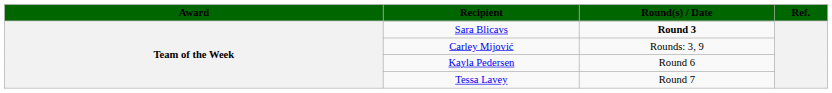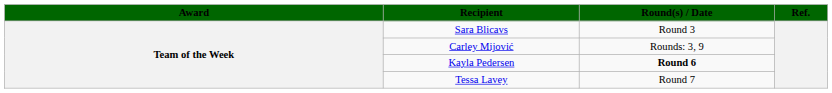 <table class="wikitable sortable sortable" style="text-align: center">
 <tr>
 <th style="background: #006600" width="10%"><span>Award</span></th>
 <th style="background: #006600" width="5%"><span>Recipient</span></th>
 <th style="background: #006600" width="5%"><span>Round(s) / Date</span></th>
 <th style="background: #006600" width="1%" class="unsortable"><span>Ref.</span></th>
 </tr>
 <tr>
 <th rowspan=4>Team of the Week</th>
 <td><a href='#'>Sara Blicavs</a></td>
-<td><strong>Round 3</strong></td>
+<td>Round 3</td>
 <th rowspan=4></th>
 </tr>
 <tr>
 <td><a href='#'>Carley Mijović</a></td>
 <td>Rounds: 3, 9</td>
 </tr>
 <tr>
 <td><a href='#'>Kayla Pedersen</a></td>
-<td>Round 6</td>
+<td><strong>Round 6</strong></td>
 </tr>
 <tr>
 <td><a href='#'>Tessa Lavey</a></td>
 <td>Round 7</td>
 </tr>
 </table>
